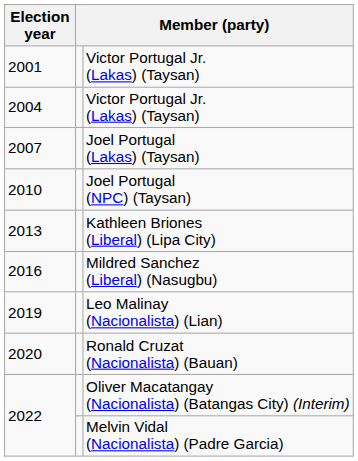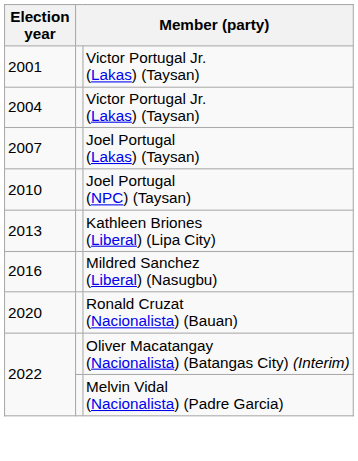 <table class="wikitable" style="font-size:90%">
 <tr>
 <th width="60px">Election<br>year</th>
 <th colspan="2" width="140px">Member (party)</th>
 </tr>
 <tr>
 <td>2001</td>
 <td></td>
 <td>Victor Portugal Jr.<br>(<a href='#'>Lakas</a>) (Taysan)</td>
 </tr>
 <tr>
 <td>2004</td>
 <td></td>
 <td>Victor Portugal Jr.<br>(<a href='#'>Lakas</a>) (Taysan)</td>
 </tr>
 <tr>
 <td>2007</td>
 <td></td>
 <td>Joel Portugal<br>(<a href='#'>Lakas</a>) (Taysan)</td>
 </tr>
 <tr>
 <td>2010</td>
 <td></td>
 <td>Joel Portugal<br>(<a href='#'>NPC</a>) (Taysan)</td>
 </tr>
 <tr>
 <td>2013</td>
 <td></td>
 <td>Kathleen Briones<br>(<a href='#'>Liberal</a>) (Lipa City)</td>
 </tr>
 <tr>
 <td>2016</td>
 <td></td>
 <td>Mildred Sanchez<br>(<a href='#'>Liberal</a>) (Nasugbu)</td>
 </tr>
 <tr>
-<td>2019</td>
-<td></td>
-<td>Leo Malinay<br>(<a href='#'>Nacionalista</a>) (Lian)</td>
-</tr>
-<tr>
 <td>2020</td>
 <td></td>
 <td>Ronald Cruzat<br>(<a href='#'>Nacionalista</a>) (Bauan)</td>
 </tr>
 <tr>
 <td rowspan="2">2022</td>
 <td></td>
 <td>Oliver Macatangay<br>(<a href='#'>Nacionalista</a>) (Batangas City) <em>(Interim)</em></td>
 </tr>
 <tr>
 <td></td>
 <td>Melvin Vidal<br>(<a href='#'>Nacionalista</a>) (Padre Garcia)</td>
 </tr>
 </table>
